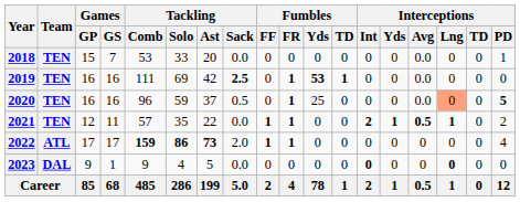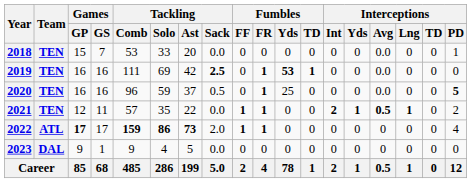 <table class= "wikitable" style="text-align:center;">
 <tr>
 <th rowspan="2">Year</th>
 <th rowspan="2">Team</th>
 <th colspan="2">Games</th>
 <th colspan="4">Tackling</th>
 <th colspan="4">Fumbles</th>
 <th colspan="6">Interceptions</th>
 </tr>
 <tr>
 <th>GP</th>
 <th>GS</th>
 <th>Comb</th>
 <th>Solo</th>
 <th>Ast</th>
 <th>Sack</th>
 <th>FF</th>
 <th>FR</th>
 <th>Yds</th>
 <th>TD</th>
 <th>Int</th>
 <th>Yds</th>
 <th>Avg</th>
 <th>Lng</th>
 <th>TD</th>
 <th>PD</th>
 </tr>
 <tr>
 <th><a href='#'>2018</a></th>
 <th><a href='#'>TEN</a></th>
 <td>15</td>
 <td>7</td>
 <td>53</td>
 <td>33</td>
 <td>20</td>
 <td>0.0</td>
 <td>0</td>
 <td>0</td>
 <td>0</td>
 <td>0</td>
 <td>0</td>
 <td>0</td>
 <td>0.0</td>
 <td>0</td>
 <td>0</td>
 <td>1</td>
 </tr>
 <tr>
 <th><a href='#'>2019</a></th>
 <th><a href='#'>TEN</a></th>
 <td>16</td>
 <td>16</td>
 <td>111</td>
 <td>69</td>
 <td>42</td>
 <td><strong>2.5</strong></td>
 <td>0</td>
 <td><strong>1</strong></td>
 <td><strong>53</strong></td>
 <td><strong>1</strong></td>
 <td>0</td>
 <td>0</td>
 <td>0.0</td>
 <td>0</td>
 <td>0</td>
 <td>0</td>
 </tr>
 <tr>
 <th><a href='#'>2020</a></th>
 <th><a href='#'>TEN</a></th>
 <td>16</td>
 <td>16</td>
 <td>96</td>
 <td>59</td>
 <td>37</td>
 <td>0.5</td>
 <td>0</td>
 <td><strong>1</strong></td>
 <td>25</td>
 <td>0</td>
 <td>0</td>
 <td>0</td>
 <td>0.0</td>
-<td style="background: lightsalmon;">0</td>
+<td>0</td>
 <td>0</td>
 <td><strong>5</strong></td>
 </tr>
 <tr>
 <th><a href='#'>2021</a></th>
 <th><a href='#'>TEN</a></th>
 <td>12</td>
 <td>11</td>
 <td>57</td>
 <td>35</td>
 <td>22</td>
 <td>0.0</td>
 <td><strong>1</strong></td>
 <td><strong>1</strong></td>
 <td>0</td>
 <td>0</td>
 <td><strong>2</strong></td>
 <td><strong>1</strong></td>
 <td><strong>0.5</strong></td>
 <td><strong>1</strong></td>
 <td>0</td>
 <td>2</td>
 </tr>
 <tr>
 <th><a href='#'>2022</a></th>
 <th><a href='#'>ATL</a></th>
-<td>17</td>
+<td><strong>17</strong></td>
 <td>17</td>
 <td><strong>159</strong></td>
 <td><strong>86</strong></td>
 <td><strong>73</strong></td>
 <td>2.0</td>
 <td><strong>1</strong></td>
 <td><strong>1</strong></td>
 <td>0</td>
 <td>0</td>
 <td>0</td>
 <td>0</td>
 <td>0</td>
 <td>0</td>
 <td>0</td>
 <td>4</td>
 </tr>
 <tr>
 <th><a href='#'>2023</a></th>
 <th><a href='#'>DAL</a></th>
 <td>9</td>
 <td>1</td>
 <td>9</td>
 <td>4</td>
 <td>5</td>
 <td>0.0</td>
 <td>0</td>
 <td>0</td>
 <td>0</td>
 <td>0</td>
-<td><strong>0</strong></td>
 <td>0</td>
 <td>0</td>
-<td><strong>0</strong></td>
+<td>0</td>
+<td>0</td>
 <td>0</td>
 <td>0</td>
 </tr>
 <tr>
 <th colspan="2">Career</th>
 <th>85</th>
 <th>68</th>
 <th>485</th>
 <th>286</th>
 <th>199</th>
 <th>5.0</th>
 <th>2</th>
 <th>4</th>
 <th>78</th>
 <th>1</th>
 <th>2</th>
 <th>1</th>
 <th>0.5</th>
 <th>1</th>
 <th>0</th>
 <th>12</th>
 </tr>
 </table>
